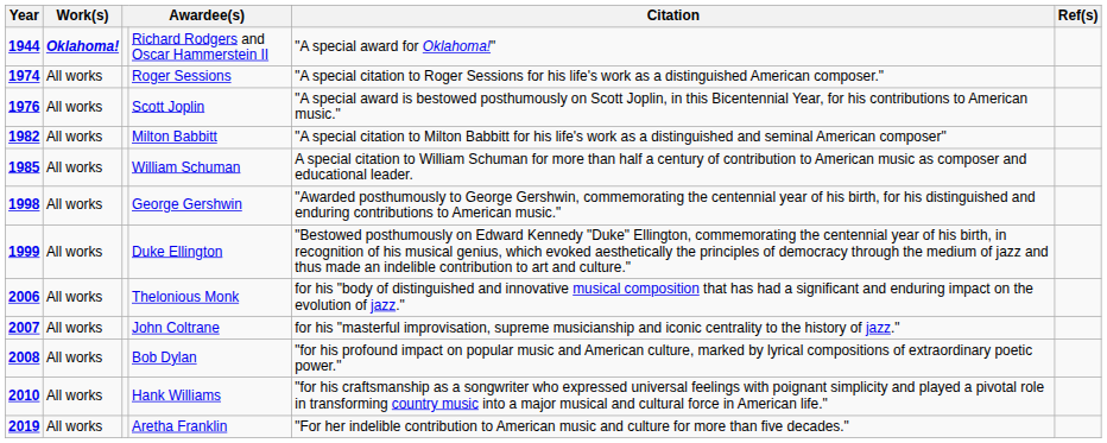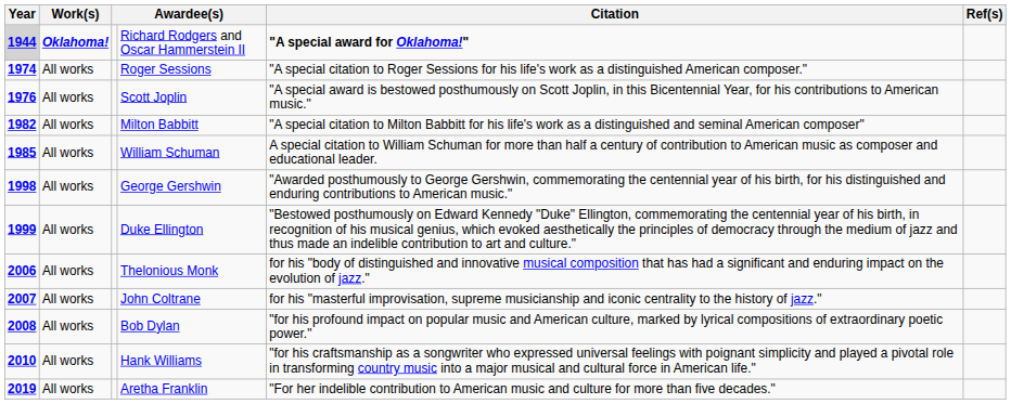 <table class="wikitable">
 <tr>
 <th>Year</th>
 <th>Work(s)</th>
 <th colspan="2">Awardee(s)</th>
 <th>Citation</th>
 <th>Ref(s)</th>
 </tr>
 <tr>
-<td><strong><a href='#'>1944</a></strong></td>
+<td style="background: lightgrey;"><strong><a href='#'>1944</a></strong></td>
 <td><strong><em><a href='#'>Oklahoma!</a></em></strong></td>
 <td></td>
 <td><a href='#'>Richard Rodgers</a> and <a href='#'>Oscar Hammerstein II</a></td>
-<td>"A special award for <em><a href='#'>Oklahoma!</a></em>"</td>
+<td><strong>"A special award for <em><a href='#'>Oklahoma!</a></em>"</strong></td>
 <td></td>
 </tr>
 <tr>
 <td><strong><a href='#'>1974</a></strong></td>
 <td>All works</td>
 <td></td>
 <td><a href='#'>Roger Sessions</a></td>
 <td>"A special citation to Roger Sessions for his life's work as a distinguished American composer."</td>
 <td></td>
 </tr>
 <tr>
 <td><strong><a href='#'>1976</a></strong></td>
 <td>All works</td>
 <td></td>
 <td><a href='#'>Scott Joplin</a></td>
 <td>"A special award is bestowed posthumously on Scott Joplin, in this Bicentennial Year, for his contributions to American music."</td>
 <td></td>
 </tr>
 <tr>
 <td><strong><a href='#'>1982</a></strong></td>
 <td>All works</td>
 <td></td>
 <td><a href='#'>Milton Babbitt</a></td>
 <td>"A special citation to Milton Babbitt for his life's work as a distinguished and seminal American composer"</td>
 <td></td>
 </tr>
 <tr>
 <td><strong><a href='#'>1985</a></strong></td>
 <td>All works</td>
 <td></td>
 <td><a href='#'>William Schuman</a></td>
 <td>A special citation to William Schuman for more than half a century of contribution to American music as composer and educational leader.</td>
 <td></td>
 </tr>
 <tr>
 <td><strong><a href='#'>1998</a></strong></td>
 <td>All works</td>
 <td></td>
 <td><a href='#'>George Gershwin</a></td>
 <td>"Awarded posthumously to George Gershwin, commemorating the centennial year of his birth, for his distinguished and enduring contributions to American music."</td>
 <td></td>
 </tr>
 <tr>
 <td><strong><a href='#'>1999</a></strong></td>
 <td>All works</td>
 <td></td>
 <td><a href='#'>Duke Ellington</a></td>
 <td>"Bestowed posthumously on Edward Kennedy "Duke" Ellington, commemorating the centennial year of his birth, in recognition of his musical genius, which evoked aesthetically the principles of democracy through the medium of jazz and thus made an indelible contribution to art and culture."</td>
 <td></td>
 </tr>
 <tr>
 <td><strong><a href='#'>2006</a></strong></td>
 <td>All works</td>
 <td></td>
 <td><a href='#'>Thelonious Monk</a></td>
 <td>for his "body of distinguished and innovative <a href='#'>musical composition</a> that has had a significant and enduring impact on the evolution of <a href='#'>jazz</a>."</td>
 <td></td>
 </tr>
 <tr>
 <td><strong><a href='#'>2007</a></strong></td>
 <td>All works</td>
 <td></td>
 <td><a href='#'>John Coltrane</a></td>
 <td>for his "masterful improvisation, supreme musicianship and iconic centrality to the history of <a href='#'>jazz</a>."</td>
 <td></td>
 </tr>
 <tr>
 <td><strong><a href='#'>2008</a></strong></td>
 <td>All works</td>
 <td></td>
 <td><a href='#'>Bob Dylan</a></td>
 <td>"for his profound impact on popular music and American culture, marked by lyrical compositions of extraordinary poetic power."</td>
 <td></td>
 </tr>
 <tr>
 <td><strong><a href='#'>2010</a></strong></td>
 <td>All works</td>
 <td></td>
 <td><a href='#'>Hank Williams</a></td>
 <td>"for his craftsmanship as a songwriter who expressed universal feelings with poignant simplicity and played a pivotal role in transforming <a href='#'>country music</a> into a major musical and cultural force in American life."</td>
 <td></td>
 </tr>
 <tr>
 <td><strong><a href='#'>2019</a></strong></td>
 <td>All works</td>
 <td></td>
 <td><a href='#'>Aretha Franklin</a></td>
 <td>"For her indelible contribution to American music and culture for more than five decades."</td>
 <td></td>
 </tr>
 </table>
